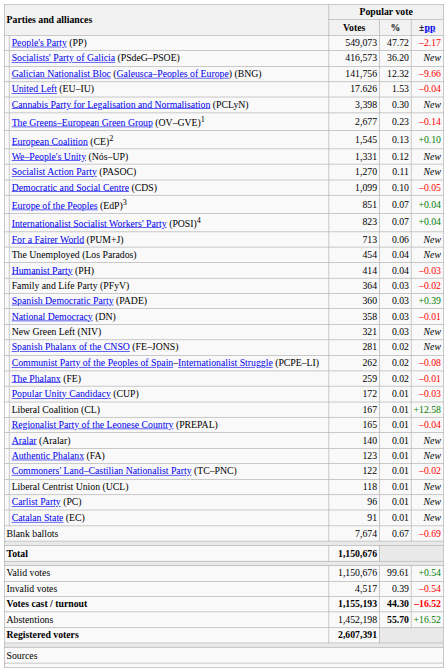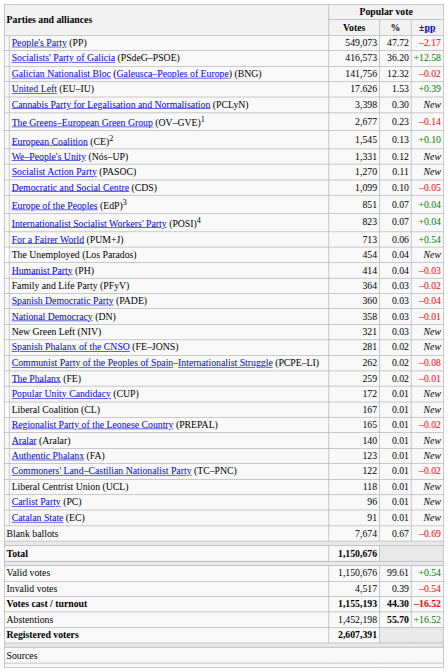 <table class="wikitable" style="text-align:right">
 <tr>
 <th style="text-align:left;" rowspan="2" colspan="2" width="525">Parties and alliances</th>
 <th colspan="3">Popular vote</th>
 </tr>
 <tr>
 <th width="75">Votes</th>
 <th width="45">%</th>
 <th width="45">±<a href='#'>pp</a></th>
 </tr>
 <tr>
 <td width="1" style="color:inherit;background:"></td>
 <td align="left"><a href='#'>People's Party</a> (PP)</td>
 <td>549,073</td>
 <td>47.72</td>
 <td style="color:red;">–2.17</td>
 </tr>
 <tr>
 <td style="color:inherit;background:"></td>
 <td align="left"><a href='#'>Socialists' Party of Galicia</a> (PSdeG–PSOE)</td>
 <td>416,573</td>
 <td>36.20</td>
-<td><em>New</em></td>
+<td style="color:green;">+12.58</td>
 </tr>
 <tr>
 <td style="color:inherit;background:"></td>
 <td align="left"><a href='#'>Galician Nationalist Bloc</a> (<a href='#'>Galeusca–Peoples of Europe</a>) (BNG)</td>
 <td>141,756</td>
 <td>12.32</td>
-<td style="color:red;">–9.66</td>
+<td style="color:red;">–0.02</td>
 </tr>
 <tr>
 <td style="color:inherit;background:"></td>
 <td align="left"><a href='#'>United Left</a> (EU–IU)</td>
 <td>17.626</td>
 <td>1.53</td>
-<td style="color:red;">–0.04</td>
+<td style="color:green;">+0.39</td>
 </tr>
 <tr>
 <td style="color:inherit;background:"></td>
 <td align="left"><a href='#'>Cannabis Party for Legalisation and Normalisation</a> (PCLyN)</td>
 <td>3,398</td>
 <td>0.30</td>
 <td><em>New</em></td>
 </tr>
 <tr>
 <td style="color:inherit;background:"></td>
 <td align="left"><a href='#'>The Greens–European Green Group</a> (OV–GVE)<sup>1</sup></td>
 <td>2,677</td>
 <td>0.23</td>
 <td style="color:red;">–0.14</td>
 </tr>
 <tr>
 <td style="color:inherit;background:"></td>
 <td align="left"><a href='#'>European Coalition</a> (CE)<sup>2</sup></td>
 <td>1,545</td>
 <td>0.13</td>
 <td style="color:green;">+0.10</td>
 </tr>
 <tr>
 <td style="color:inherit;background:"></td>
 <td align="left"><a href='#'>We–People's Unity</a> (Nós–UP)</td>
 <td>1,331</td>
 <td>0.12</td>
 <td><em>New</em></td>
 </tr>
 <tr>
 <td style="color:inherit;background:"></td>
 <td align="left"><a href='#'>Socialist Action Party</a> (PASOC)</td>
 <td>1,270</td>
 <td>0.11</td>
 <td><em>New</em></td>
 </tr>
 <tr>
 <td style="color:inherit;background:"></td>
 <td align="left"><a href='#'>Democratic and Social Centre</a> (CDS)</td>
 <td>1,099</td>
 <td>0.10</td>
 <td style="color:red;">–0.05</td>
 </tr>
 <tr>
 <td style="color:inherit;background:"></td>
 <td align="left"><a href='#'>Europe of the Peoples</a> (EdP)<sup>3</sup></td>
 <td>851</td>
 <td>0.07</td>
 <td style="color:green;">+0.04</td>
 </tr>
 <tr>
 <td style="color:inherit;background:"></td>
 <td align="left"><a href='#'>Internationalist Socialist Workers' Party</a> (POSI)<sup>4</sup></td>
 <td>823</td>
 <td>0.07</td>
 <td style="color:green;">+0.04</td>
 </tr>
 <tr>
 <td style="color:inherit;background:"></td>
 <td align="left"><a href='#'>For a Fairer World</a> (PUM+J)</td>
 <td>713</td>
 <td>0.06</td>
-<td><em>New</em></td>
+<td style="color:green;">+0.54</td>
 </tr>
 <tr>
 <td bgcolor="white"></td>
 <td align="left">The Unemployed (Los Parados)</td>
 <td>454</td>
 <td>0.04</td>
 <td><em>New</em></td>
 </tr>
 <tr>
 <td style="color:inherit;background:"></td>
 <td align="left"><a href='#'>Humanist Party</a> (PH)</td>
 <td>414</td>
 <td>0.04</td>
 <td style="color:red;">–0.03</td>
 </tr>
 <tr>
 <td style="color:inherit;background:"></td>
 <td align="left">Family and Life Party (PFyV)</td>
 <td>364</td>
 <td>0.03</td>
 <td style="color:red;">–0.02</td>
 </tr>
 <tr>
 <td style="color:inherit;background:"></td>
 <td align="left"><a href='#'>Spanish Democratic Party</a> (PADE)</td>
 <td>360</td>
 <td>0.03</td>
-<td style="color:green;">+0.39</td>
+<td style="color:red;">–0.04</td>
 </tr>
 <tr>
 <td style="color:inherit;background:"></td>
 <td align="left"><a href='#'>National Democracy</a> (DN)</td>
 <td>358</td>
 <td>0.03</td>
 <td style="color:red;">–0.01</td>
 </tr>
 <tr>
 <td style="color:inherit;background:"></td>
 <td align="left">New Green Left (NIV)</td>
 <td>321</td>
 <td>0.03</td>
 <td><em>New</em></td>
 </tr>
 <tr>
 <td style="color:inherit;background:"></td>
 <td align="left"><a href='#'>Spanish Phalanx of the CNSO</a> (FE–JONS)</td>
 <td>281</td>
 <td>0.02</td>
 <td><em>New</em></td>
 </tr>
 <tr>
 <td style="color:inherit;background:"></td>
 <td align="left"><a href='#'>Communist Party of the Peoples of Spain</a>–<a href='#'>Internationalist Struggle</a> (PCPE–LI)</td>
 <td>262</td>
 <td>0.02</td>
 <td style="color:red;">–0.08</td>
 </tr>
 <tr>
 <td style="color:inherit;background:"></td>
 <td align="left"><a href='#'>The Phalanx</a> (FE)</td>
 <td>259</td>
 <td>0.02</td>
 <td style="color:red;">–0.01</td>
 </tr>
 <tr>
 <td style="color:inherit;background:"></td>
 <td align="left"><a href='#'>Popular Unity Candidacy</a> (CUP)</td>
 <td>172</td>
 <td>0.01</td>
-<td style="color:red;">–0.03</td>
+<td><em>New</em></td>
 </tr>
 <tr>
 <td bgcolor="white"></td>
 <td align="left">Liberal Coalition (CL)</td>
 <td>167</td>
 <td>0.01</td>
-<td style="color:green;">+12.58</td>
+<td><em>New</em></td>
 </tr>
 <tr>
 <td style="color:inherit;background:"></td>
 <td align="left"><a href='#'>Regionalist Party of the Leonese Country</a> (PREPAL)</td>
 <td>165</td>
 <td>0.01</td>
-<td style="color:red;">–0.04</td>
+<td style="color:red;">–0.02</td>
 </tr>
 <tr>
 <td style="color:inherit;background:"></td>
 <td align="left"><a href='#'>Aralar</a> (Aralar)</td>
 <td>140</td>
 <td>0.01</td>
 <td><em>New</em></td>
 </tr>
 <tr>
 <td style="color:inherit;background:"></td>
 <td align="left"><a href='#'>Authentic Phalanx</a> (FA)</td>
 <td>123</td>
 <td>0.01</td>
 <td><em>New</em></td>
 </tr>
 <tr>
 <td style="color:inherit;background:"></td>
 <td align="left"><a href='#'>Commoners' Land–Castilian Nationalist Party</a> (TC–PNC)</td>
 <td>122</td>
 <td>0.01</td>
 <td style="color:red;">–0.02</td>
 </tr>
 <tr>
 <td style="color:inherit;background:"></td>
 <td align="left">Liberal Centrist Union (UCL)</td>
 <td>118</td>
 <td>0.01</td>
 <td><em>New</em></td>
 </tr>
 <tr>
 <td style="color:inherit;background:"></td>
 <td align="left"><a href='#'>Carlist Party</a> (PC)</td>
 <td>96</td>
 <td>0.01</td>
 <td><em>New</em></td>
 </tr>
 <tr>
 <td style="color:inherit;background:"></td>
 <td align="left"><a href='#'>Catalan State</a> (EC)</td>
 <td>91</td>
 <td>0.01</td>
 <td><em>New</em></td>
 </tr>
 <tr>
 <td align="left" colspan="2">Blank ballots</td>
 <td>7,674</td>
 <td>0.67</td>
 <td style="color:red;">–0.69</td>
 </tr>
 <tr>
 <td colspan="5" bgcolor="#E9E9E9"></td>
 </tr>
 <tr style="font-weight:bold;">
 <td align="left" colspan="2">Total</td>
 <td>1,150,676</td>
 <td bgcolor="#E9E9E9" colspan="2"></td>
 </tr>
 <tr>
 <td colspan="5" bgcolor="#E9E9E9"></td>
 </tr>
 <tr>
 <td align="left" colspan="2">Valid votes</td>
 <td>1,150,676</td>
 <td>99.61</td>
 <td style="color:green;">+0.54</td>
 </tr>
 <tr>
 <td align="left" colspan="2">Invalid votes</td>
 <td>4,517</td>
 <td>0.39</td>
 <td style="color:red;">–0.54</td>
 </tr>
 <tr style="font-weight:bold;">
 <td align="left" colspan="2">Votes cast / turnout</td>
 <td>1,155,193</td>
 <td>44.30</td>
 <td style="color:red;">–16.52</td>
 </tr>
 <tr>
 <td align="left" colspan="2">Abstentions</td>
 <td>1,452,198</td>
 <td><strong>55.70</strong></td>
 <td style="color:green;">+16.52</td>
 </tr>
 <tr style="font-weight:bold;">
 <td align="left" colspan="2">Registered voters</td>
 <td>2,607,391</td>
 <td bgcolor="#E9E9E9" colspan="2"></td>
 </tr>
 <tr>
 <td colspan="5" bgcolor="#E9E9E9"></td>
 </tr>
 <tr>
 <td align="left" colspan="5">Sources</td>
 </tr>
 <tr>
 <td colspan="5" style="text-align:left; max-width:680px;"></td>
 </tr>
 </table>
